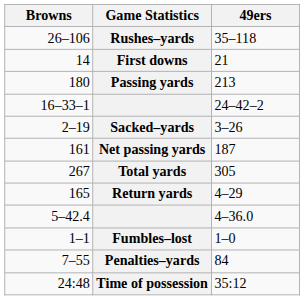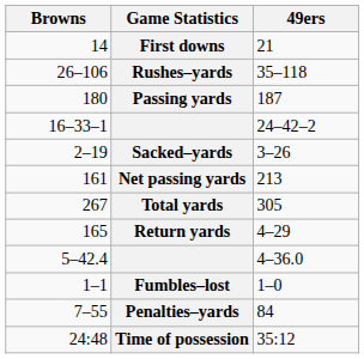 <table class="wikitable" style="margin: 1em auto 1em auto">
 <tr>
 <th style="width:30%;">Browns</th>
 <th style="width:40%;">Game Statistics</th>
 <th style="width:30%;">49ers</th>
 </tr>
 <tr>
+<td style="text-align:right;">14</td>
+<th>First downs</th>
+<td>21</td>
+</tr>
+<tr>
 <td style="text-align:right;">26–106</td>
 <th>Rushes–yards</th>
 <td>35–118</td>
 </tr>
 <tr>
-<td style="text-align:right;">14</td>
-<th>First downs</th>
-<td>21</td>
-</tr>
-<tr>
 <td style="text-align:right;">180</td>
 <th>Passing yards</th>
-<td>213</td>
+<td>187</td>
 </tr>
 <tr>
 <td style="text-align:right;">16–33–1</td>
 <th></th>
 <td>24–42–2</td>
 </tr>
 <tr>
 <td style="text-align:right;">2–19</td>
 <th>Sacked–yards</th>
 <td>3–26</td>
 </tr>
 <tr>
 <td style="text-align:right;">161</td>
 <th>Net passing yards</th>
-<td>187</td>
+<td>213</td>
 </tr>
 <tr>
 <td style="text-align:right;">267</td>
 <th>Total yards</th>
 <td>305</td>
 </tr>
 <tr>
 <td style="text-align:right;">165</td>
 <th>Return yards</th>
 <td>4–29</td>
 </tr>
 <tr>
 <td style="text-align:right;">5–42.4</td>
 <th></th>
 <td>4–36.0</td>
 </tr>
 <tr>
 <td style="text-align:right;">1–1</td>
 <th>Fumbles–lost</th>
 <td>1–0</td>
 </tr>
 <tr>
 <td style="text-align:right;">7–55</td>
 <th>Penalties–yards</th>
 <td>84</td>
 </tr>
 <tr>
 <td style="text-align:right;">24:48</td>
 <th>Time of possession</th>
 <td>35:12</td>
 </tr>
 </table>
